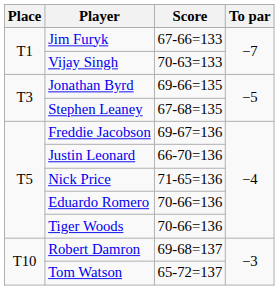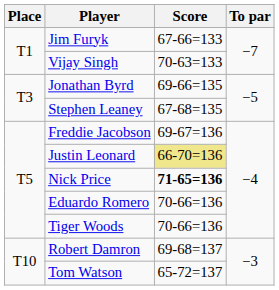 <table class="wikitable">
 <tr>
 <th>Place</th>
 <th>Player</th>
 <th>Score</th>
 <th>To par</th>
 </tr>
 <tr>
 <td rowspan="2" align=center>T1</td>
 <td> <a href='#'>Jim Furyk</a></td>
 <td align=center>67-66=133</td>
 <td rowspan="2" align=center>−7</td>
 </tr>
 <tr>
 <td> <a href='#'>Vijay Singh</a></td>
 <td align=center>70-63=133</td>
 </tr>
 <tr>
 <td rowspan="2" align=center>T3</td>
 <td> <a href='#'>Jonathan Byrd</a></td>
 <td align=center>69-66=135</td>
 <td rowspan="2" align=center>−5</td>
 </tr>
 <tr>
 <td> <a href='#'>Stephen Leaney</a></td>
 <td align=center>67-68=135</td>
 </tr>
 <tr>
 <td rowspan="5" align=center>T5</td>
 <td> <a href='#'>Freddie Jacobson</a></td>
 <td align=center>69-67=136</td>
 <td rowspan="5" align=center>−4</td>
 </tr>
 <tr>
 <td> <a href='#'>Justin Leonard</a></td>
-<td align=center>66-70=136</td>
+<td align=center style="background: khaki;">66-70=136</td>
 </tr>
 <tr>
 <td> <a href='#'>Nick Price</a></td>
-<td align=center>71-65=136</td>
+<td align=center><strong>71-65=136</strong></td>
 </tr>
 <tr>
 <td> <a href='#'>Eduardo Romero</a></td>
 <td align=center>70-66=136</td>
 </tr>
 <tr>
 <td> <a href='#'>Tiger Woods</a></td>
 <td align=center>70-66=136</td>
 </tr>
 <tr>
 <td rowspan="2" align=center>T10</td>
 <td> <a href='#'>Robert Damron</a></td>
 <td align=center>69-68=137</td>
 <td rowspan="2" align=center>−3</td>
 </tr>
 <tr>
 <td> <a href='#'>Tom Watson</a></td>
 <td align=center>65-72=137</td>
 </tr>
 </table>
